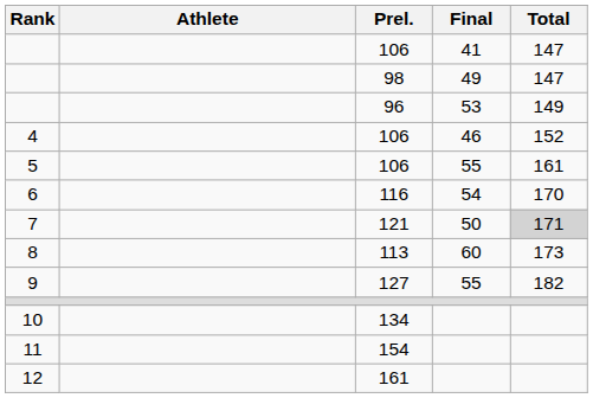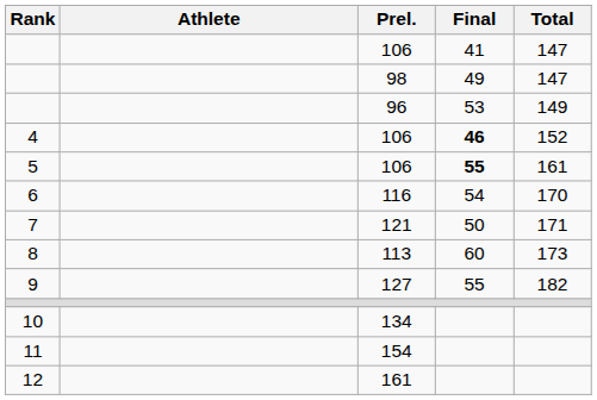 <table class=wikitable style="text-align:center">
 <tr>
 <th width=40>Rank</th>
 <th width=250>Athlete</th>
 <th width=60>Prel.</th>
 <th width=60>Final</th>
 <th width=60>Total</th>
 </tr>
 <tr>
 <td></td>
 <td align=left></td>
 <td>106</td>
 <td>41</td>
 <td>147</td>
 </tr>
 <tr>
 <td></td>
 <td align=left></td>
 <td>98</td>
 <td>49</td>
 <td>147</td>
 </tr>
 <tr>
 <td></td>
 <td align=left></td>
 <td>96</td>
 <td>53</td>
 <td>149</td>
 </tr>
 <tr>
 <td>4</td>
 <td align=left></td>
 <td>106</td>
-<td>46</td>
+<td><strong>46</strong></td>
 <td>152</td>
 </tr>
 <tr>
 <td>5</td>
 <td align=left></td>
 <td>106</td>
-<td>55</td>
+<td><strong>55</strong></td>
 <td>161</td>
 </tr>
 <tr>
 <td>6</td>
 <td align=left></td>
 <td>116</td>
 <td>54</td>
 <td>170</td>
 </tr>
 <tr>
 <td>7</td>
 <td align=left></td>
 <td>121</td>
 <td>50</td>
-<td style="background: lightgrey;">171</td>
+<td>171</td>
 </tr>
 <tr>
 <td>8</td>
 <td align=left></td>
 <td>113</td>
 <td>60</td>
 <td>173</td>
 </tr>
 <tr>
 <td>9</td>
 <td align=left></td>
 <td>127</td>
 <td>55</td>
 <td>182</td>
 </tr>
 <tr bgcolor=#DDDDDD>
 <td colspan=5></td>
 </tr>
 <tr>
 <td>10</td>
 <td align=left></td>
 <td>134</td>
 <td></td>
 <td></td>
 </tr>
 <tr>
 <td>11</td>
 <td align=left></td>
 <td>154</td>
 <td></td>
 <td></td>
 </tr>
 <tr>
 <td>12</td>
 <td align=left></td>
 <td>161</td>
 <td></td>
 <td></td>
 </tr>
 </table>
